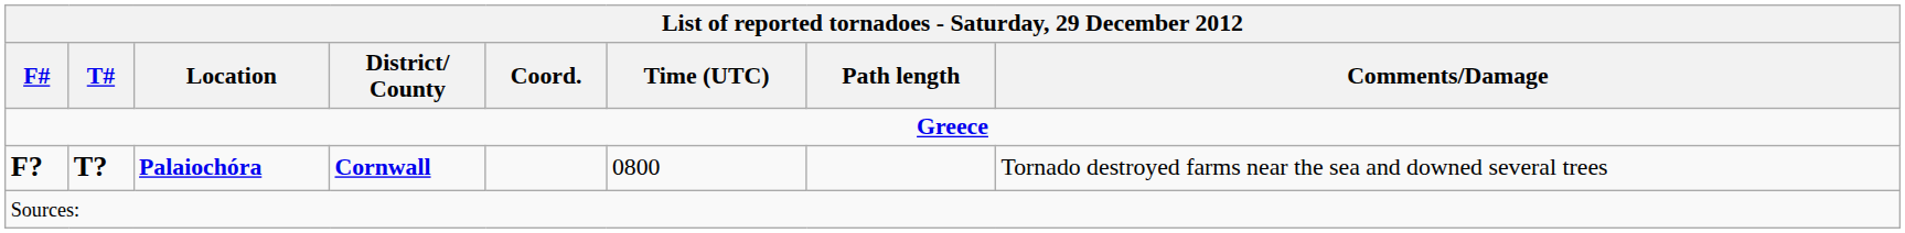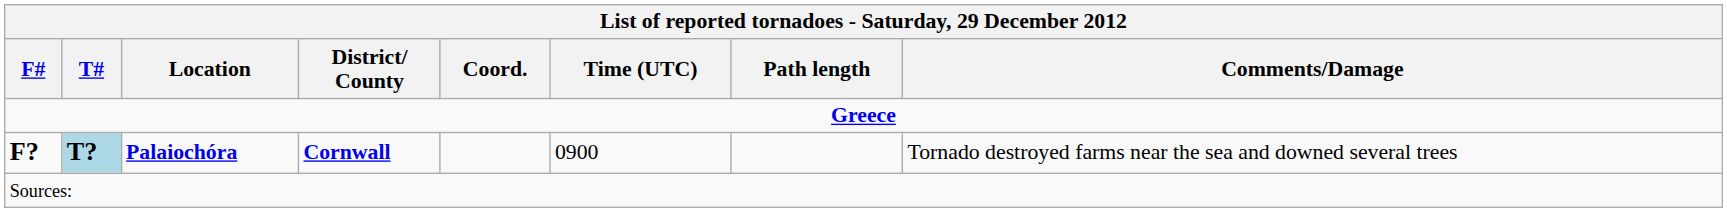 <table class="wikitable collapsible" width="100%">
 <tr>
 <th colspan="8">List of reported tornadoes - Saturday, 29 December 2012</th>
 </tr>
 <tr>
 <th><a href='#'>F#</a></th>
 <th><a href='#'>T#</a></th>
 <th>Location</th>
 <th>District/<br>County</th>
 <th>Coord.</th>
 <th>Time (UTC)</th>
 <th>Path length</th>
 <th>Comments/Damage</th>
 </tr>
 <tr>
 <td colspan="8" align=center><strong><a href='#'>Greece</a></strong></td>
 </tr>
 <tr>
 <td><big><strong>F?</strong></big></td>
-<td><big><strong>T?</strong></big></td>
+<td style="background: lightblue;"><big><strong>T?</strong></big></td>
 <td><strong><a href='#'>Palaiochóra</a></strong></td>
 <td><strong><a href='#'>Cornwall</a></strong></td>
 <td></td>
-<td>0800</td>
+<td>0900</td>
 <td></td>
 <td>Tornado destroyed farms near the sea and downed several trees</td>
 </tr>
 <tr>
 <td colspan="8"><small>Sources:  </small></td>
 </tr>
 </table>
